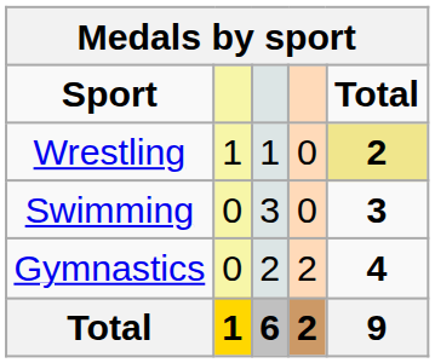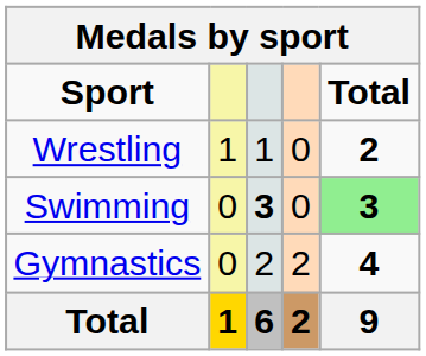 <table class=wikitable style="font-size:95%; float:right">
 <tr bgcolor=efefef>
 <th colspan=7><strong>Medals by sport</strong></th>
 </tr>
 <tr align=center>
 <td><strong>Sport</strong></td>
 <td bgcolor=f7f6a8></td>
 <td bgcolor=dce5e5></td>
 <td bgcolor=ffdab9></td>
 <td><strong>Total</strong></td>
 </tr>
 <tr align=center>
 <td><a href='#'>Wrestling</a></td>
 <td style="background:#F7F6A8;">1</td>
 <td style="background:#DCE5E5;">1</td>
 <td style="background:#FFDAB9;">0</td>
-<td style="background: khaki;"><strong>2</strong></td>
+<td><strong>2</strong></td>
 </tr>
 <tr align=center>
 <td><a href='#'>Swimming</a></td>
 <td style="background:#F7F6A8;">0</td>
-<td style="background:#DCE5E5;">3</td>
+<td style="background:#DCE5E5;"><strong>3</strong></td>
 <td style="background:#FFDAB9;">0</td>
-<td><strong>3</strong></td>
+<td style="background: lightgreen;"><strong>3</strong></td>
 </tr>
 <tr align=center>
 <td><a href='#'>Gymnastics</a></td>
 <td style="background:#F7F6A8;">0</td>
 <td style="background:#DCE5E5;">2</td>
 <td style="background:#FFDAB9;">2</td>
 <td><strong>4</strong></td>
 </tr>
 <tr align=center>
 <th>Total</th>
 <th style="background:gold;">1</th>
 <th style="background:silver;">6</th>
 <th style="background:#c96;">2</th>
 <th>9</th>
 </tr>
 </table>
